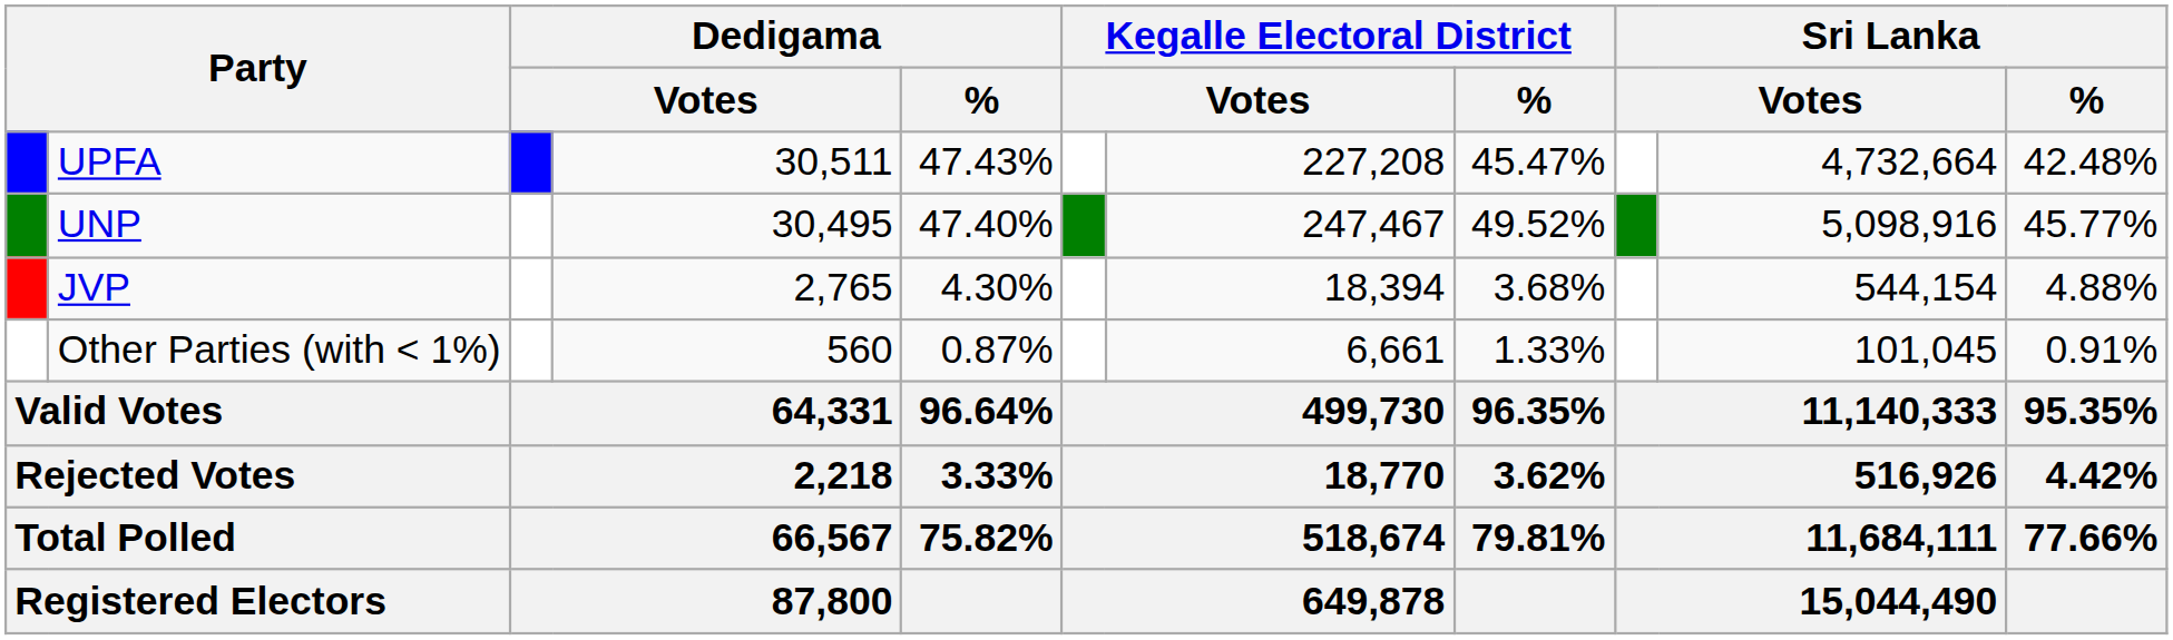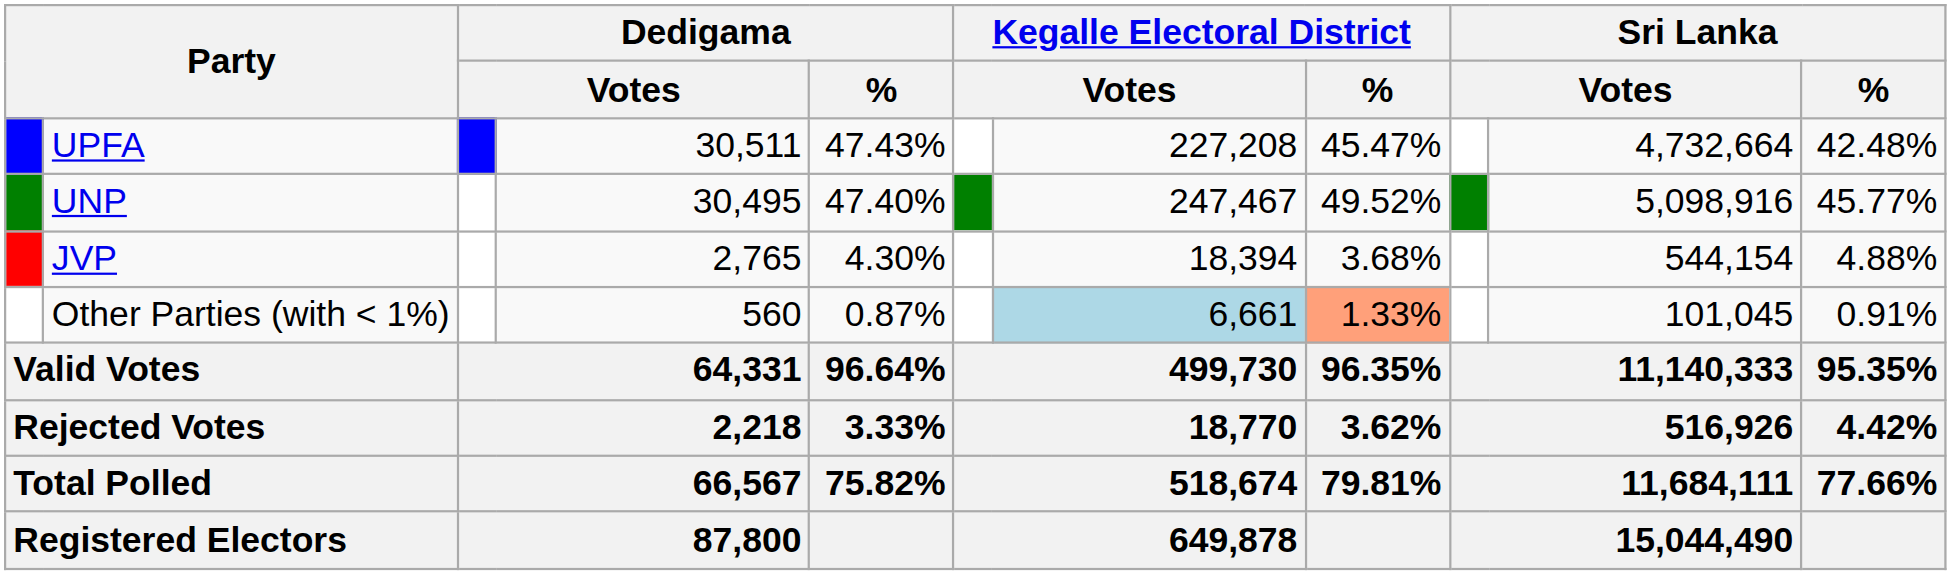 <table class="wikitable">
 <tr>
 <th colspan="2" width="144px"rowspan="2">Party</th>
 <th colspan="3" width="216px">Dedigama</th>
 <th colspan="3" width="216px"><a href='#'>Kegalle Electoral District</a></th>
 <th colspan="3" width="216px">Sri Lanka</th>
 </tr>
 <tr>
 <th colspan="2" width="144px">Votes</th>
 <th>%</th>
 <th colspan="2" width="144px">Votes</th>
 <th>%</th>
 <th colspan="2" width="144px">Votes</th>
 <th>%</th>
 </tr>
 <tr>
 <td style="background-color:blue;" width="10px"></td>
 <td style="text-align:left;"><a href='#'>UPFA</a></td>
 <td style="background-color:blue;" width="10px"></td>
 <td style="text-align:right;">30,511</td>
 <td style="text-align:right;">47.43%</td>
 <td style="background-color:white;" width="10px"></td>
 <td style="text-align:right;">227,208</td>
 <td style="text-align:right;">45.47%</td>
 <td style="background-color:white;" width="10px"></td>
 <td style="text-align:right;">4,732,664</td>
 <td style="text-align:right;">42.48%</td>
 </tr>
 <tr>
 <td style="background-color:green;" width="10px"></td>
 <td style="text-align:left;"><a href='#'>UNP</a></td>
 <td style="background-color:white;" width="10px"></td>
 <td style="text-align:right;">30,495</td>
 <td style="text-align:right;">47.40%</td>
 <td style="background-color:green;" width="10px"></td>
 <td style="text-align:right;">247,467</td>
 <td style="text-align:right;">49.52%</td>
 <td style="background-color:green;" width="10px"></td>
 <td style="text-align:right;">5,098,916</td>
 <td style="text-align:right;">45.77%</td>
 </tr>
 <tr>
 <td style="background-color:red;" width="10px"></td>
 <td style="text-align:left;"><a href='#'>JVP</a></td>
 <td style="background-color:white;" width="10px"></td>
 <td style="text-align:right;">2,765</td>
 <td style="text-align:right;">4.30%</td>
 <td style="background-color:white;" width="10px"></td>
 <td style="text-align:right;">18,394</td>
 <td style="text-align:right;">3.68%</td>
 <td style="background-color:white;" width="10px"></td>
 <td style="text-align:right;">544,154</td>
 <td style="text-align:right;">4.88%</td>
 </tr>
 <tr>
 <td style="background-color:white;" width="10px"></td>
 <td style="text-align:left;">Other Parties (with < 1%)</td>
 <td style="background-color:white;" width="10px"></td>
 <td style="text-align:right;">560</td>
 <td style="text-align:right;">0.87%</td>
 <td style="background-color:white;" width="10px"></td>
-<td style="text-align:right;">6,661</td>
-<td style="text-align:right;">1.33%</td>
+<td style="background: lightblue; text-align:right;">6,661</td>
+<td style="background: lightsalmon; text-align:right;">1.33%</td>
 <td style="background-color:white;" width="10px"></td>
 <td style="text-align:right;">101,045</td>
 <td style="text-align:right;">0.91%</td>
 </tr>
 <tr>
 <th colspan="2" width="144px"style="text-align:left;">Valid Votes</th>
 <th style="text-align:right;"colspan="2" width="144px">64,331</th>
 <th style="text-align:right;">96.64%</th>
 <th style="text-align:right;"colspan="2" width="144px">499,730</th>
 <th style="text-align:right;">96.35%</th>
 <th style="text-align:right;"colspan="2" width="144px">11,140,333</th>
 <th style="text-align:right;">95.35%</th>
 </tr>
 <tr>
 <th colspan="2" width="144px"style="text-align:left;">Rejected Votes</th>
 <th style="text-align:right;"colspan="2" width="144px">2,218</th>
 <th style="text-align:right;">3.33%</th>
 <th style="text-align:right;"colspan="2" width="144px">18,770</th>
 <th style="text-align:right;">3.62%</th>
 <th style="text-align:right;"colspan="2" width="144px">516,926</th>
 <th style="text-align:right;">4.42%</th>
 </tr>
 <tr>
 <th colspan="2" width="144px"style="text-align:left;">Total Polled</th>
 <th style="text-align:right;"colspan="2" width="144px">66,567</th>
 <th style="text-align:right;">75.82%</th>
 <th style="text-align:right;"colspan="2" width="144px">518,674</th>
 <th style="text-align:right;">79.81%</th>
 <th style="text-align:right;"colspan="2" width="144px">11,684,111</th>
 <th style="text-align:right;">77.66%</th>
 </tr>
 <tr>
 <th colspan="2" width="144px"style="text-align:left;">Registered Electors</th>
 <th style="text-align:right;"colspan="2" width="144px">87,800</th>
 <th></th>
 <th style="text-align:right;"colspan="2" width="144px">649,878</th>
 <th></th>
 <th style="text-align:right;"colspan="2" width="144px">15,044,490</th>
 <th></th>
 </tr>
 </table>
